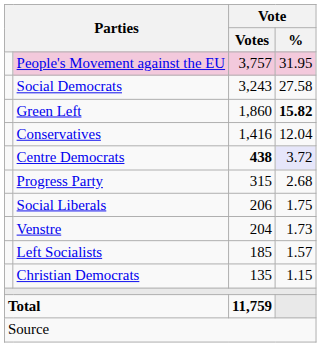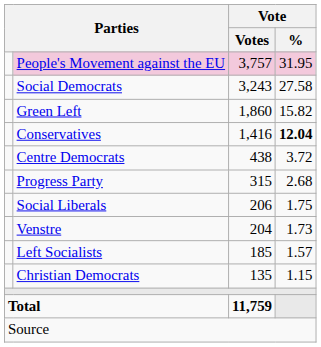 <table class="wikitable" style="text-align:right;">
 <tr>
 <th style="text-align:centre;" rowspan="2" colspan="2" width="225">Parties</th>
 <th colspan="3">Vote</th>
 </tr>
 <tr>
 <th width="15">Votes</th>
 <th width="15">%</th>
 </tr>
 <tr>
 <td width="2" style="color:inherit;background:"></td>
 <td bgcolor=#f3c9dc   align="left"><a href='#'>People's Movement against the EU</a></td>
 <td bgcolor=#f3c9dc>3,757</td>
 <td bgcolor=#f3c9dc>31.95</td>
 </tr>
 <tr>
 <td width="2" style="color:inherit;background:"></td>
 <td align="left"><a href='#'>Social Democrats</a></td>
 <td>3,243</td>
 <td>27.58</td>
 </tr>
 <tr>
 <td width="2" style="color:inherit;background:"></td>
 <td align="left"><a href='#'>Green Left</a></td>
 <td>1,860</td>
-<td><strong>15.82</strong></td>
+<td>15.82</td>
 </tr>
 <tr>
 <td width="2" style="color:inherit;background:"></td>
 <td align="left"><a href='#'>Conservatives</a></td>
 <td>1,416</td>
-<td>12.04</td>
+<td><strong>12.04</strong></td>
 </tr>
 <tr>
 <td width="2" style="color:inherit;background:"></td>
 <td align="left"><a href='#'>Centre Democrats</a></td>
-<td><strong>438</strong></td>
-<td style="background: lavender;">3.72</td>
+<td>438</td>
+<td>3.72</td>
 </tr>
 <tr>
 <td width="2" style="color:inherit;background:"></td>
 <td align="left"><a href='#'>Progress Party</a></td>
 <td>315</td>
 <td>2.68</td>
 </tr>
 <tr>
 <td width="2" style="color:inherit;background:"></td>
 <td align="left"><a href='#'>Social Liberals</a></td>
 <td>206</td>
 <td>1.75</td>
 </tr>
 <tr>
 <td width="2" style="color:inherit;background:"></td>
 <td align="left"><a href='#'>Venstre</a></td>
 <td>204</td>
 <td>1.73</td>
 </tr>
 <tr>
 <td width="2" style="color:inherit;background:"></td>
 <td align="left"><a href='#'>Left Socialists</a></td>
 <td>185</td>
 <td>1.57</td>
 </tr>
 <tr>
 <td width="2" style="color:inherit;background:"></td>
 <td align="left"><a href='#'>Christian Democrats</a></td>
 <td>135</td>
 <td>1.15</td>
 </tr>
 <tr>
 <td colspan="7" bgcolor="#E9E9E9"></td>
 </tr>
 <tr>
 <td align="left" colspan="2"><strong>Total</strong></td>
 <td><strong>11,759</strong></td>
 <td bgcolor="#E9E9E9" colspan="2"></td>
 </tr>
 <tr>
 <td align="left" colspan="6">Source</td>
 </tr>
 </table>
